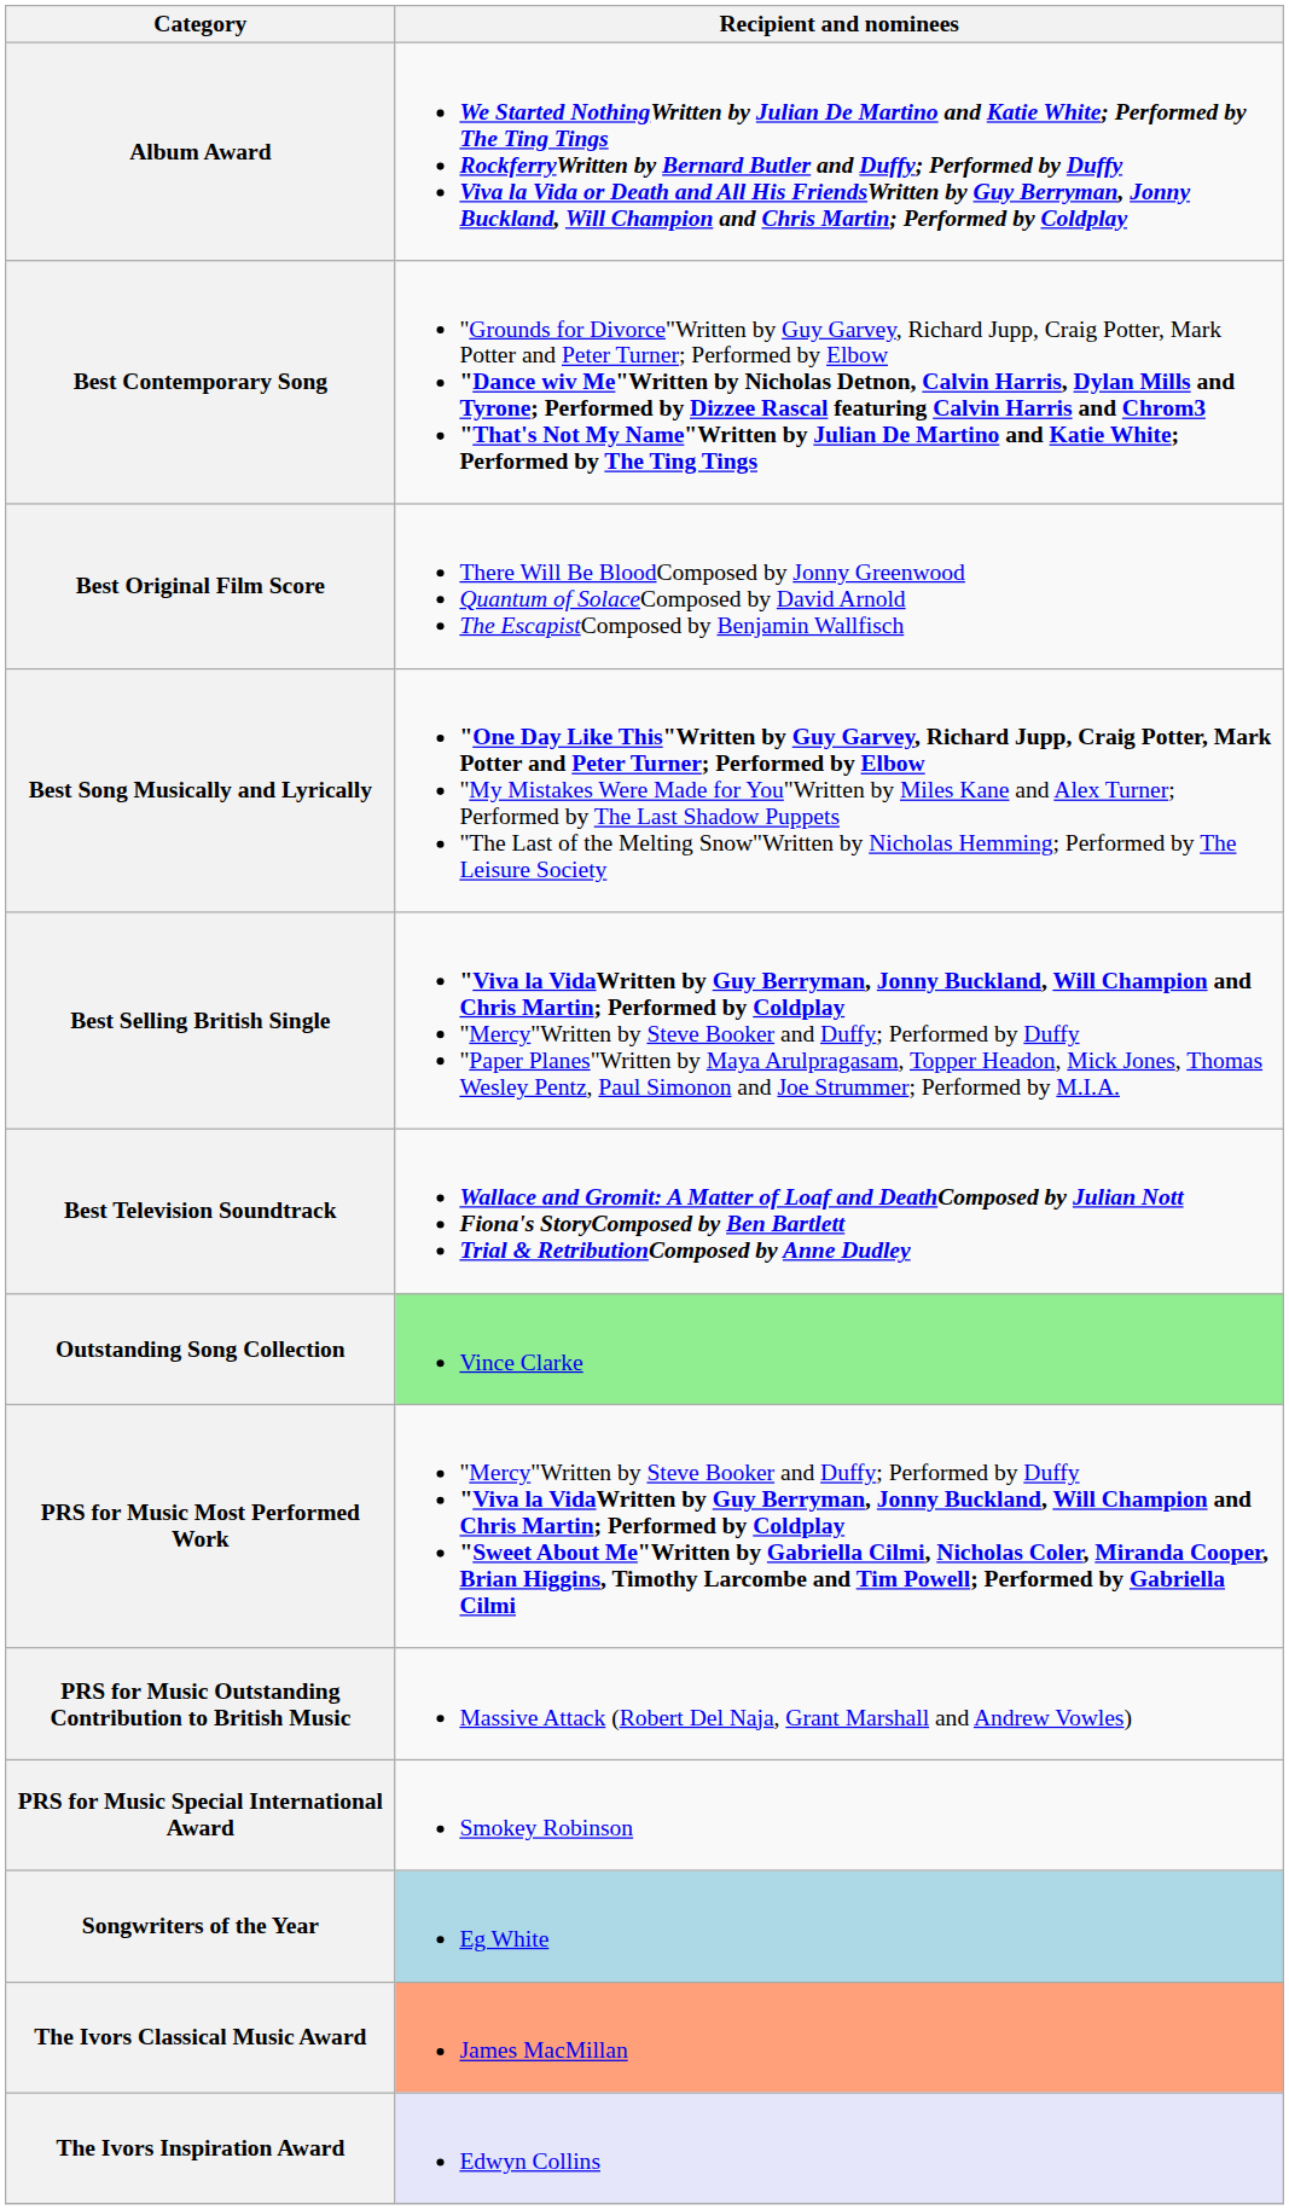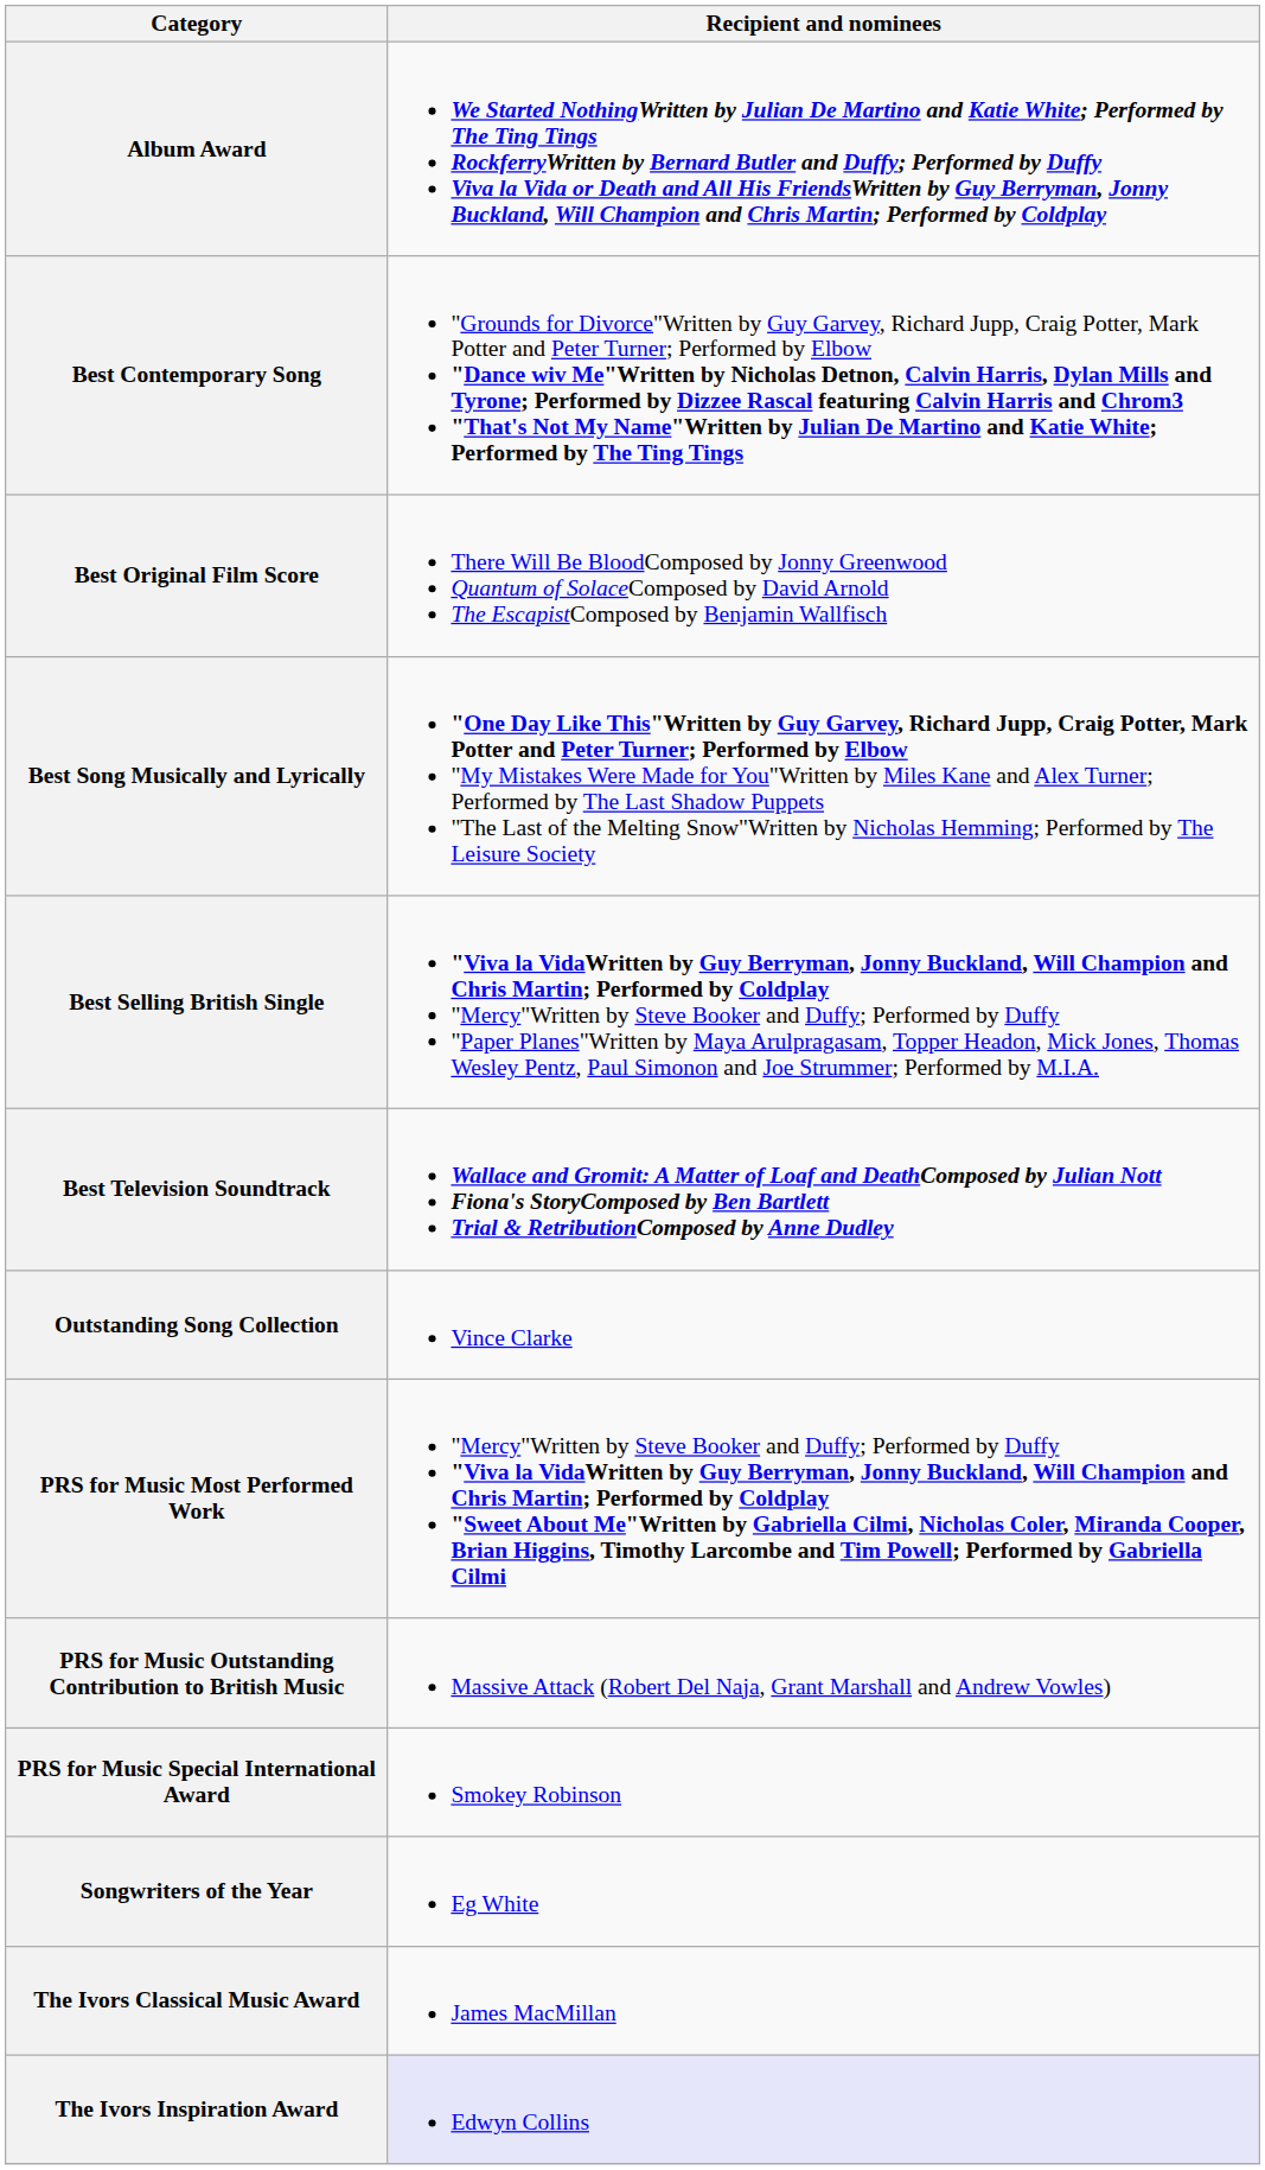 <table class="wikitable">
 <tr>
 <th width="25%">Category</th>
 <th width="57%">Recipient and nominees</th>
 </tr>
 <tr>
 <th scope="row">Album Award</th>
 <td><br><ul><li><strong><em><a href='#'>We Started Nothing</a><em>Written by <a href='#'>Julian De Martino</a> and <a href='#'>Katie White</a>; Performed by <a href='#'>The Ting Tings</a><strong></li><li></em><a href='#'>Rockferry</a><em>Written by <a href='#'>Bernard Butler</a> and <a href='#'>Duffy</a>; Performed by <a href='#'>Duffy</a></li><li></em><a href='#'>Viva la Vida or Death and All His Friends</a><em>Written by <a href='#'>Guy Berryman</a>, <a href='#'>Jonny Buckland</a>, <a href='#'>Will Champion</a> and <a href='#'>Chris Martin</a>; Performed by <a href='#'>Coldplay</a></li></ul></td>
 </tr>
 <tr>
 <th scope="row">Best Contemporary Song</th>
 <td><br><ul><li></strong>"<a href='#'>Grounds for Divorce</a>"Written by <a href='#'>Guy Garvey</a>, Richard Jupp, Craig Potter, Mark Potter and <a href='#'>Peter Turner</a>; Performed by <a href='#'>Elbow</a><strong></li><li>"<a href='#'>Dance wiv Me</a>"Written by Nicholas Detnon, <a href='#'>Calvin Harris</a>, <a href='#'>Dylan Mills</a> and <a href='#'>Tyrone</a>; Performed by <a href='#'>Dizzee Rascal</a> featuring <a href='#'>Calvin Harris</a> and <a href='#'>Chrom3</a></li><li>"<a href='#'>That's Not My Name</a>"Written by <a href='#'>Julian De Martino</a> and <a href='#'>Katie White</a>; Performed by <a href='#'>The Ting Tings</a></li></ul></td>
 </tr>
 <tr>
 <th scope="row">Best Original Film Score</th>
 <td><br><ul><li></em></strong><a href='#'>There Will Be Blood</a></em>Composed by <a href='#'>Jonny Greenwood</a></strong></li><li><em><a href='#'>Quantum of Solace</a></em>Composed by <a href='#'>David Arnold</a></li><li><em><a href='#'>The Escapist</a></em>Composed by <a href='#'>Benjamin Wallfisch</a></li></ul></td>
 </tr>
 <tr>
 <th scope="row">Best Song Musically and Lyrically</th>
 <td><br><ul><li><strong>"<a href='#'>One Day Like This</a>"Written by <a href='#'>Guy Garvey</a>, Richard Jupp, Craig Potter, Mark Potter and <a href='#'>Peter Turner</a>; Performed by <a href='#'>Elbow</a></strong></li><li>"<a href='#'>My Mistakes Were Made for You</a>"Written by <a href='#'>Miles Kane</a> and <a href='#'>Alex Turner</a>; Performed by <a href='#'>The Last Shadow Puppets</a></li><li>"The Last of the Melting Snow"Written by <a href='#'>Nicholas Hemming</a>; Performed by <a href='#'>The Leisure Society</a></li></ul></td>
 </tr>
 <tr>
 <th scope="row">Best Selling British Single</th>
 <td><br><ul><li><strong>"<a href='#'>Viva la Vida</a>Written by <a href='#'>Guy Berryman</a>, <a href='#'>Jonny Buckland</a>, <a href='#'>Will Champion</a> and <a href='#'>Chris Martin</a>; Performed by <a href='#'>Coldplay</a></strong></li><li>"<a href='#'>Mercy</a>"Written by <a href='#'>Steve Booker</a> and <a href='#'>Duffy</a>; Performed by <a href='#'>Duffy</a></li><li>"<a href='#'>Paper Planes</a>"Written by <a href='#'>Maya Arulpragasam</a>, <a href='#'>Topper Headon</a>, <a href='#'>Mick Jones</a>, <a href='#'>Thomas Wesley Pentz</a>, <a href='#'>Paul Simonon</a> and <a href='#'>Joe Strummer</a>; Performed by <a href='#'>M.I.A.</a></li></ul></td>
 </tr>
 <tr>
 <th scope="row">Best Television Soundtrack</th>
 <td><br><ul><li><strong><em><a href='#'>Wallace and Gromit: A Matter of Loaf and Death</a><em>Composed by <a href='#'>Julian Nott</a><strong></li><li></em>Fiona's Story<em>Composed by <a href='#'>Ben Bartlett</a></li><li></em><a href='#'>Trial & Retribution</a><em>Composed by <a href='#'>Anne Dudley</a></li></ul></td>
 </tr>
 <tr>
 <th scope="row">Outstanding Song Collection</th>
-<td style="background: lightgreen;"><br><ul><li></strong><a href='#'>Vince Clarke</a><strong></li></ul></td>
+<td><br><ul><li></strong><a href='#'>Vince Clarke</a><strong></li></ul></td>
 </tr>
 <tr>
 <th scope="row">PRS for Music Most Performed Work</th>
 <td><br><ul><li></strong>"<a href='#'>Mercy</a>"Written by <a href='#'>Steve Booker</a> and <a href='#'>Duffy</a>; Performed by <a href='#'>Duffy</a><strong></li><li>"<a href='#'>Viva la Vida</a>Written by <a href='#'>Guy Berryman</a>, <a href='#'>Jonny Buckland</a>, <a href='#'>Will Champion</a> and <a href='#'>Chris Martin</a>; Performed by <a href='#'>Coldplay</a></li><li>"<a href='#'>Sweet About Me</a>"Written by <a href='#'>Gabriella Cilmi</a>, <a href='#'>Nicholas Coler</a>, <a href='#'>Miranda Cooper</a>, <a href='#'>Brian Higgins</a>, Timothy Larcombe and <a href='#'>Tim Powell</a>; Performed by <a href='#'>Gabriella Cilmi</a></li></ul></td>
 </tr>
 <tr>
 <th scope="row">PRS for Music Outstanding Contribution to British Music</th>
 <td><br><ul><li></strong><a href='#'>Massive Attack</a> (<a href='#'>Robert Del Naja</a>, <a href='#'>Grant Marshall</a> and <a href='#'>Andrew Vowles</a>)<strong></li></ul></td>
 </tr>
 <tr>
 <th scope="row">PRS for Music Special International Award</th>
 <td><br><ul><li></strong><a href='#'>Smokey Robinson</a><strong></li></ul></td>
 </tr>
 <tr>
 <th scope="row">Songwriters of the Year</th>
-<td style="background: lightblue;"><br><ul><li></strong><a href='#'>Eg White</a><strong></li></ul></td>
+<td><br><ul><li></strong><a href='#'>Eg White</a><strong></li></ul></td>
 </tr>
 <tr>
 <th scope="row">The Ivors Classical Music Award</th>
-<td style="background: lightsalmon;"><br><ul><li></strong><a href='#'>James MacMillan</a><strong></li></ul></td>
+<td><br><ul><li></strong><a href='#'>James MacMillan</a><strong></li></ul></td>
 </tr>
 <tr>
 <th scope="row">The Ivors Inspiration Award</th>
 <td style="background: lavender;"><br><ul><li></strong><a href='#'>Edwyn Collins</a><strong></li></ul></td>
 </tr>
 <tr>
 </tr>
 </table>
